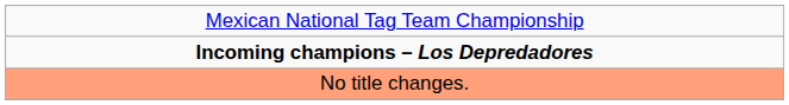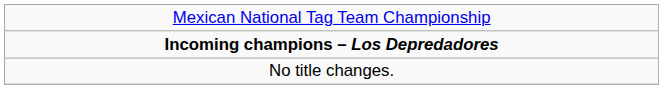 <table class="wikitable" style="text-align:center; width:100%;">
 <tr>
 <td colspan="4" style="text-align: center;"><a href='#'>Mexican National Tag Team Championship</a></td>
 </tr>
 <tr>
 <td colspan="4" style="text-align: center;"><strong>Incoming champions – <em>Los Depredadores</em> </strong></td>
 </tr>
 <tr>
-<td style="background: lightsalmon;">No title changes.</td>
+<td>No title changes.</td>
 </tr>
 <tr>
 </tr>
 </table>
